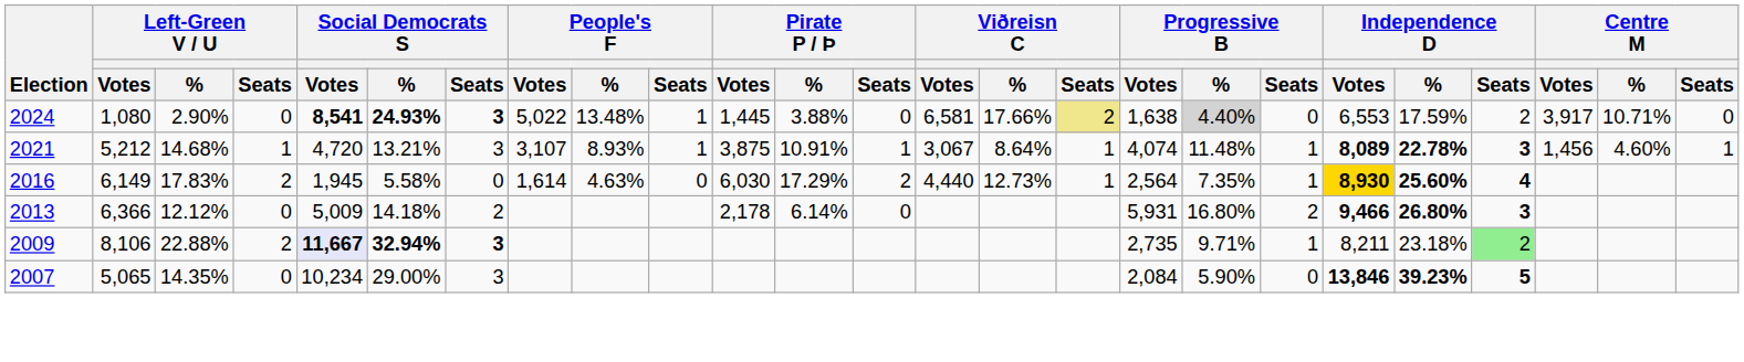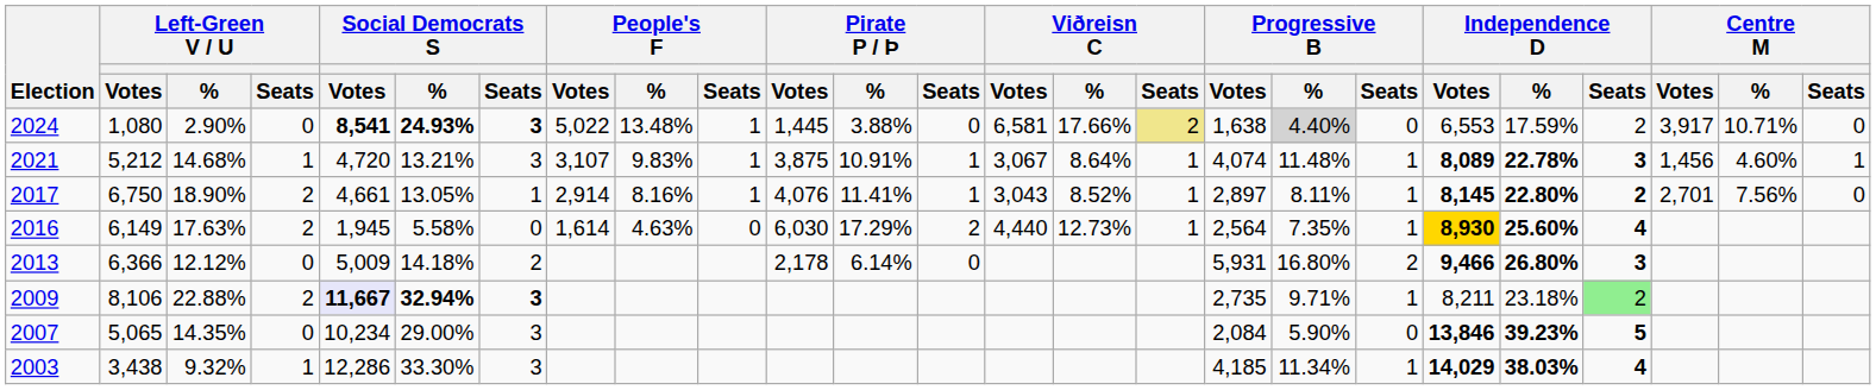 <table class="wikitable" border="1" style="font-size:95%; text-align:right;">
 <tr>
 <th style="text-align:left;" valign=bottom rowspan=3>Election</th>
 <th valign=bottom colspan=3><a href='#'>Left-Green</a><br>V / U</th>
 <th valign=bottom colspan=3><a href='#'>Social Democrats</a><br>S</th>
 <th valign=bottom colspan=3><a href='#'>People's</a><br>F</th>
 <th valign=bottom colspan=3><a href='#'>Pirate</a><br>P / Þ</th>
 <th valign=bottom colspan=3><a href='#'>Viðreisn</a><br>C</th>
 <th valign=bottom colspan=3><a href='#'>Progressive</a><br>B</th>
 <th valign=bottom colspan=3><a href='#'>Independence</a><br>D</th>
 <th valign=bottom colspan=3><a href='#'>Centre</a><br>M</th>
 </tr>
 <tr>
 <th colspan=3 style="background:"></th>
 <th colspan=3 style="background:"></th>
 <th colspan=3 style="background:"></th>
 <th colspan=3 style="background:"></th>
 <th colspan=3 style="background:"></th>
 <th colspan=3 style="background:"></th>
 <th colspan=3 style="background:"></th>
 <th colspan=3 style="background:"></th>
 </tr>
 <tr>
 <th>Votes</th>
 <th>%</th>
 <th>Seats</th>
 <th>Votes</th>
 <th>%</th>
 <th>Seats</th>
 <th>Votes</th>
 <th>%</th>
 <th>Seats</th>
 <th>Votes</th>
 <th>%</th>
 <th>Seats</th>
 <th>Votes</th>
 <th>%</th>
 <th>Seats</th>
 <th>Votes</th>
 <th>%</th>
 <th>Seats</th>
 <th>Votes</th>
 <th>%</th>
 <th>Seats</th>
 <th>Votes</th>
 <th>%</th>
 <th>Seats</th>
 </tr>
 <tr>
 <td align=left><a href='#'>2024</a></td>
 <td>1,080</td>
 <td>2.90%</td>
 <td>0</td>
 <td><strong>8,541</strong></td>
 <td><strong>24.93%</strong></td>
 <td><strong>3</strong></td>
 <td>5,022</td>
 <td>13.48%</td>
 <td>1</td>
 <td>1,445</td>
 <td>3.88%</td>
 <td>0</td>
 <td>6,581</td>
 <td>17.66%</td>
 <td style="background: khaki;">2</td>
 <td>1,638</td>
 <td style="background: lightgrey;">4.40%</td>
 <td>0</td>
 <td>6,553</td>
 <td>17.59%</td>
 <td>2</td>
 <td>3,917</td>
 <td>10.71%</td>
 <td>0</td>
 </tr>
 <tr>
 <td align=left><a href='#'>2021</a></td>
 <td>5,212</td>
 <td>14.68%</td>
 <td>1</td>
 <td>4,720</td>
 <td>13.21%</td>
 <td>3</td>
 <td>3,107</td>
-<td>8.93%</td>
+<td>9.83%</td>
 <td>1</td>
 <td>3,875</td>
 <td>10.91%</td>
 <td>1</td>
 <td>3,067</td>
 <td>8.64%</td>
 <td>1</td>
 <td>4,074</td>
 <td>11.48%</td>
 <td>1</td>
 <td><strong>8,089</strong></td>
 <td><strong>22.78%</strong></td>
 <td><strong>3</strong></td>
 <td>1,456</td>
 <td>4.60%</td>
 <td>1</td>
 </tr>
 <tr>
+<td align=left><a href='#'>2017</a></td>
+<td>6,750</td>
+<td>18.90%</td>
+<td>2</td>
+<td>4,661</td>
+<td>13.05%</td>
+<td>1</td>
+<td>2,914</td>
+<td>8.16%</td>
+<td>1</td>
+<td>4,076</td>
+<td>11.41%</td>
+<td>1</td>
+<td>3,043</td>
+<td>8.52%</td>
+<td>1</td>
+<td>2,897</td>
+<td>8.11%</td>
+<td>1</td>
+<td><strong>8,145</strong></td>
+<td><strong>22.80%</strong></td>
+<td><strong>2</strong></td>
+<td>2,701</td>
+<td>7.56%</td>
+<td>0</td>
+</tr>
+<tr>
 <td align=left><a href='#'>2016</a></td>
 <td>6,149</td>
-<td>17.83%</td>
+<td>17.63%</td>
 <td>2</td>
 <td>1,945</td>
 <td>5.58%</td>
 <td>0</td>
 <td>1,614</td>
 <td>4.63%</td>
 <td>0</td>
 <td>6,030</td>
 <td>17.29%</td>
 <td>2</td>
 <td>4,440</td>
 <td>12.73%</td>
 <td>1</td>
 <td>2,564</td>
 <td>7.35%</td>
 <td>1</td>
 <td style="background: gold;"><strong>8,930</strong></td>
 <td><strong>25.60%</strong></td>
 <td><strong>4</strong></td>
 <td></td>
 <td></td>
 <td></td>
 </tr>
 <tr>
 <td align=left><a href='#'>2013</a></td>
 <td>6,366</td>
 <td>12.12%</td>
 <td>0</td>
 <td>5,009</td>
 <td>14.18%</td>
 <td>2</td>
 <td></td>
 <td></td>
 <td></td>
 <td>2,178</td>
 <td>6.14%</td>
 <td>0</td>
 <td></td>
 <td></td>
 <td></td>
 <td>5,931</td>
 <td>16.80%</td>
 <td>2</td>
 <td><strong>9,466</strong></td>
 <td><strong>26.80%</strong></td>
 <td><strong>3</strong></td>
 <td></td>
 <td></td>
 <td></td>
 </tr>
 <tr>
 <td align=left><a href='#'>2009</a></td>
 <td>8,106</td>
 <td>22.88%</td>
 <td>2</td>
 <td style="background: lavender;"><strong>11,667</strong></td>
 <td><strong>32.94%</strong></td>
 <td><strong>3</strong></td>
 <td></td>
 <td></td>
 <td></td>
 <td></td>
 <td></td>
 <td></td>
 <td></td>
 <td></td>
 <td></td>
 <td>2,735</td>
 <td>9.71%</td>
 <td>1</td>
 <td>8,211</td>
 <td>23.18%</td>
 <td style="background: lightgreen;">2</td>
 <td></td>
 <td></td>
 <td></td>
 </tr>
 <tr>
 <td align=left><a href='#'>2007</a></td>
 <td>5,065</td>
 <td>14.35%</td>
 <td>0</td>
 <td>10,234</td>
 <td>29.00%</td>
 <td>3</td>
 <td></td>
 <td></td>
 <td></td>
 <td></td>
 <td></td>
 <td></td>
 <td></td>
 <td></td>
 <td></td>
 <td>2,084</td>
 <td>5.90%</td>
 <td>0</td>
 <td><strong>13,846</strong></td>
 <td><strong>39.23%</strong></td>
 <td><strong>5</strong></td>
 <td></td>
 <td></td>
 <td></td>
 </tr>
+<tr>
+<td align=left><a href='#'>2003</a></td>
+<td>3,438</td>
+<td>9.32%</td>
+<td>1</td>
+<td>12,286</td>
+<td>33.30%</td>
+<td>3</td>
+<td></td>
+<td></td>
+<td></td>
+<td></td>
+<td></td>
+<td></td>
+<td></td>
+<td></td>
+<td></td>
+<td>4,185</td>
+<td>11.34%</td>
+<td>1</td>
+<td><strong>14,029</strong></td>
+<td><strong>38.03%</strong></td>
+<td><strong>4</strong></td>
+<td></td>
+<td></td>
+<td></td>
+</tr>
 </table>
